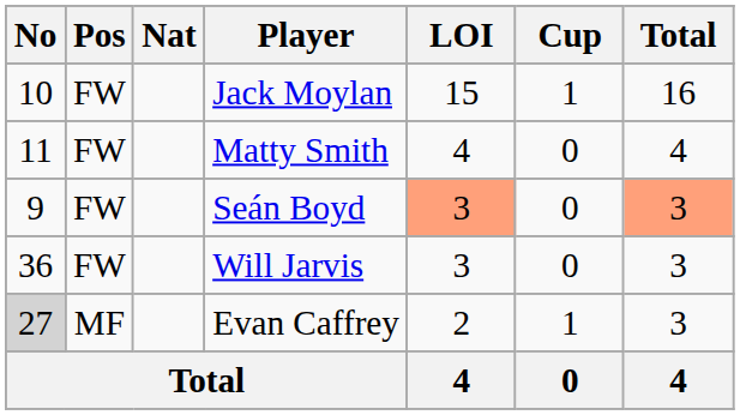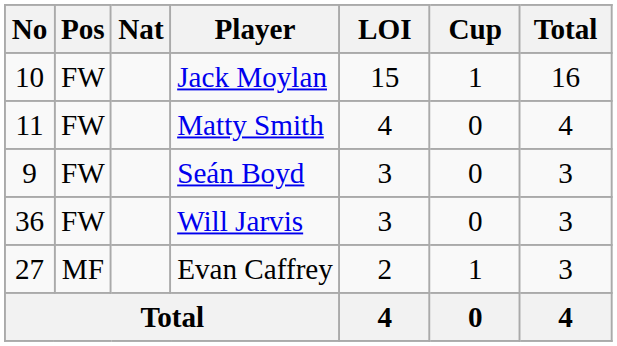 <table class="wikitable" style="text-align:center; border:1px #aaa solid; font-size:95%;">
 <tr>
 <th>No</th>
 <th>Pos</th>
 <th>Nat</th>
 <th>Player</th>
 <th style="width:40px">LOI</th>
 <th style="width:40px">Cup</th>
 <th style="width:40px">Total</th>
 </tr>
 <tr>
 <td>10</td>
 <td>FW</td>
 <td></td>
 <td style="text-align:left;"><a href='#'>Jack Moylan</a></td>
 <td>15</td>
 <td>1</td>
 <td>16</td>
 </tr>
 <tr>
 <td>11</td>
 <td>FW</td>
 <td></td>
 <td style="text-align:left;"><a href='#'>Matty Smith</a></td>
 <td>4</td>
 <td>0</td>
 <td>4</td>
 </tr>
 <tr>
 <td>9</td>
 <td>FW</td>
 <td></td>
 <td style="text-align:left;"><a href='#'>Seán Boyd</a></td>
-<td style="background: lightsalmon;">3</td>
+<td>3</td>
 <td>0</td>
-<td style="background: lightsalmon;">3</td>
+<td>3</td>
 </tr>
 <tr>
 <td>36</td>
 <td>FW</td>
 <td></td>
 <td style="text-align:left;"><a href='#'>Will Jarvis</a></td>
 <td>3</td>
 <td>0</td>
 <td>3</td>
 </tr>
 <tr>
-<td style="background: lightgrey;">27</td>
+<td>27</td>
 <td>MF</td>
 <td></td>
 <td style="text-align:left;">Evan Caffrey</td>
 <td>2</td>
 <td>1</td>
 <td>3</td>
 </tr>
 <tr>
 <th colspan="4">Total</th>
 <th>4</th>
 <th>0</th>
 <th>4</th>
 </tr>
 </table>
